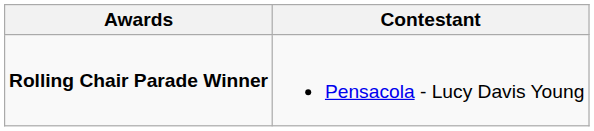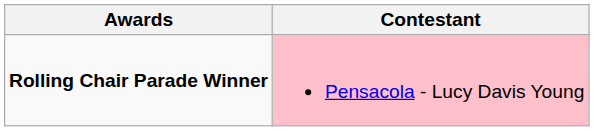 <table class="wikitable">
 <tr>
 <th>Awards</th>
 <th>Contestant</th>
 </tr>
 <tr>
 <td><strong>Rolling Chair Parade Winner</strong></td>
-<td><br><ul><li><a href='#'>Pensacola</a> - Lucy Davis Young</li></ul></td>
+<td style="background: pink;"><br><ul><li><a href='#'>Pensacola</a> - Lucy Davis Young</li></ul></td>
 </tr>
 </table>
